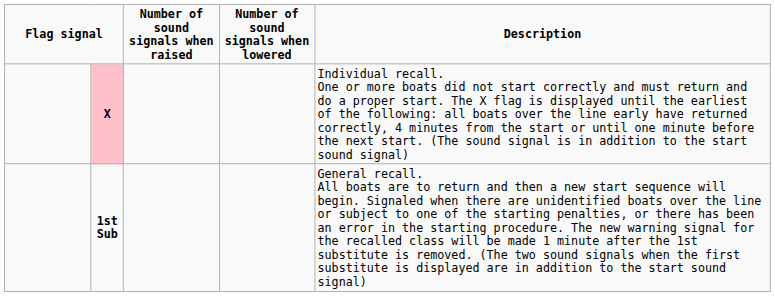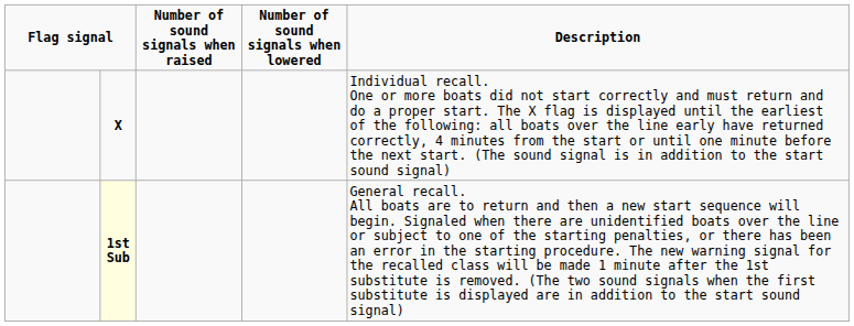 <table class="wikitable">
 <tr style="text-align: center; font-weight: bold;">
 <td colspan="2" width="120px">Flag signal</td>
 <td width="100px">Number of sound signals when raised</td>
 <td width="100px">Number of sound signals when lowered</td>
 <td width="500px">Description</td>
 </tr>
 <tr>
 <td width="90px"></td>
-<td width="30px" align="center" style="background: pink;"><strong>X</strong></td>
+<td width="30px" align="center"><strong>X</strong></td>
 <td></td>
 <td></td>
 <td>Individual recall.<br>One or more boats did not start correctly and must return and do a proper start.  The X flag is displayed until the earliest of the following: all boats over the line early have returned correctly,  4 minutes from the start or until one minute before the next start.  (The sound signal is in addition to the start sound signal)</td>
 </tr>
 <tr>
 <td></td>
-<td align="center"><strong>1st Sub</strong></td>
+<td align="center" style="background: lightyellow;"><strong>1st Sub</strong></td>
 <td> </td>
 <td></td>
 <td>General recall.<br>All boats are to return and then a new start sequence will begin.  Signaled when there are unidentified boats over the line or subject to one of the starting penalties, or there has been an error in the starting procedure. The new warning signal for the recalled class will be made 1 minute after the 1st substitute is removed. (The two sound signals when the first substitute is displayed are in addition to the start sound signal)</td>
 </tr>
 </table>
